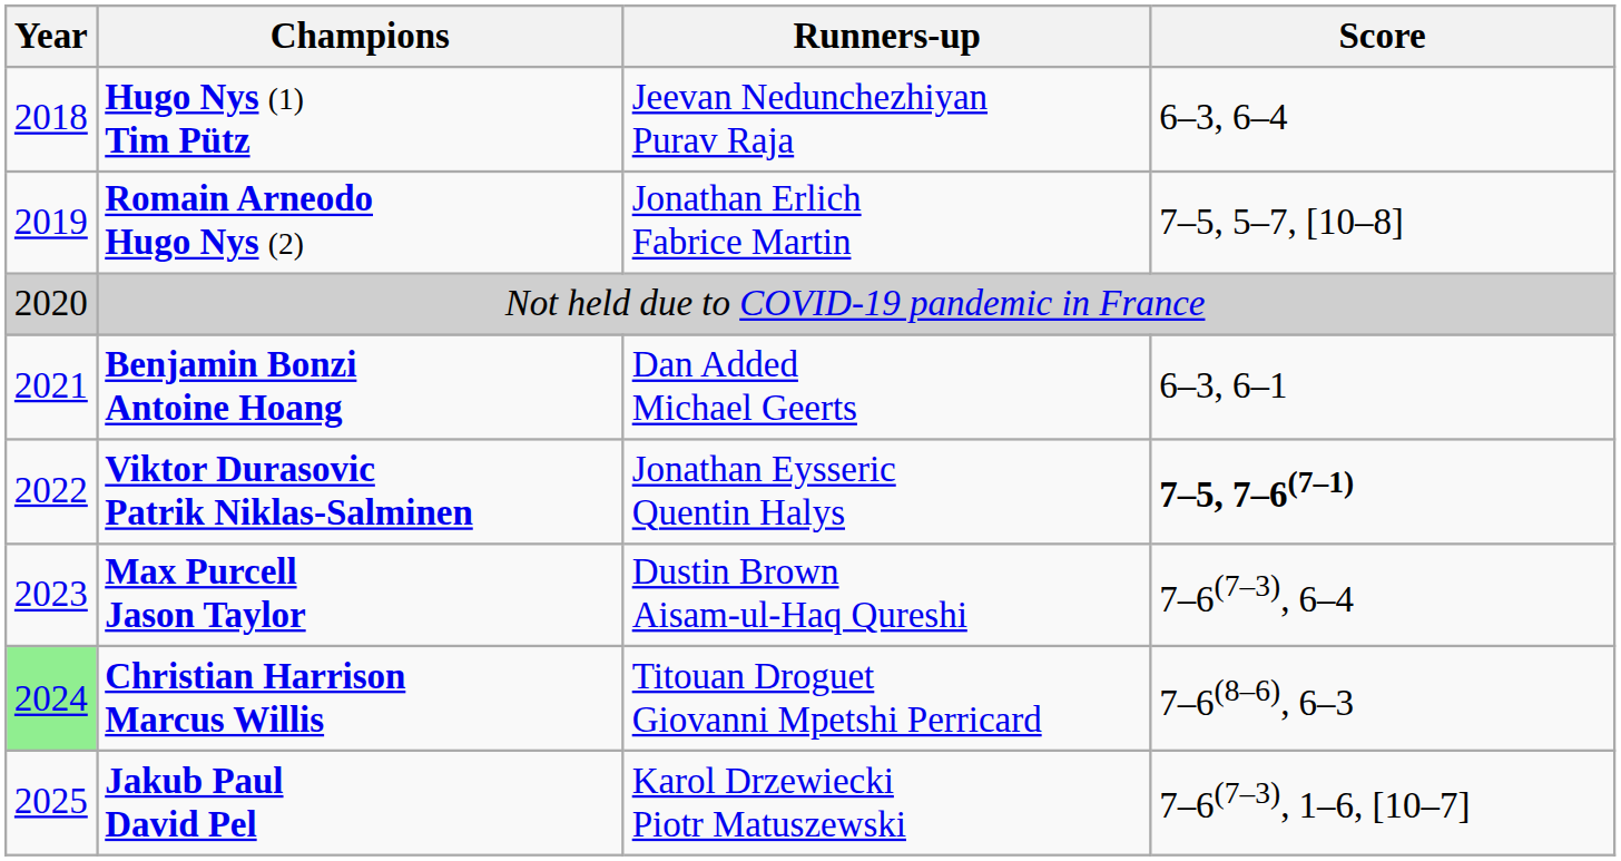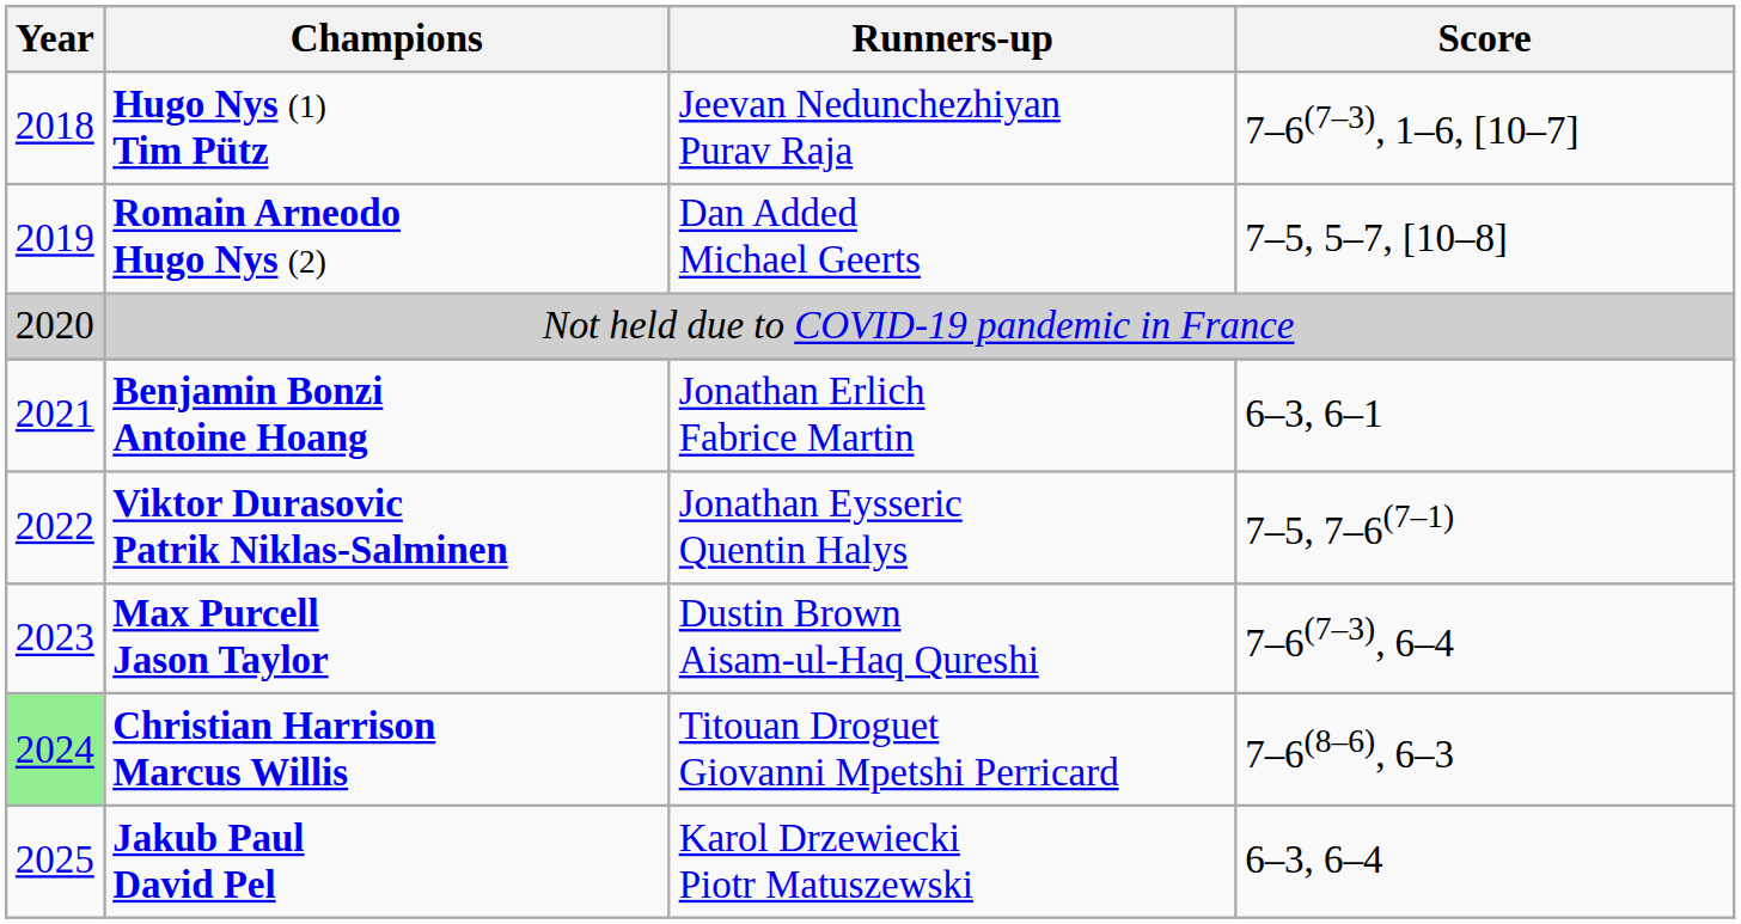 <table class="wikitable" style="font-size:90%">
 <tr>
 <th>Year</th>
 <th width="200">Champions</th>
 <th width="200">Runners-up</th>
 <th width="175">Score</th>
 </tr>
 <tr>
 <td><a href='#'>2018</a></td>
 <td> <strong><a href='#'>Hugo Nys</a></strong> <small>(1)</small><br> <strong><a href='#'>Tim Pütz</a></strong></td>
 <td> <a href='#'>Jeevan Nedunchezhiyan</a><br> <a href='#'>Purav Raja</a></td>
-<td>6–3, 6–4</td>
+<td>7–6<sup>(7–3)</sup>, 1–6, [10–7]</td>
 </tr>
 <tr>
 <td><a href='#'>2019</a></td>
 <td> <strong><a href='#'>Romain Arneodo</a></strong><br> <strong><a href='#'>Hugo Nys</a></strong> <small>(2)</small></td>
-<td> <a href='#'>Jonathan Erlich</a><br> <a href='#'>Fabrice Martin</a></td>
+<td> <a href='#'>Dan Added</a><br> <a href='#'>Michael Geerts</a></td>
 <td>7–5, 5–7, [10–8]</td>
 </tr>
 <tr>
 <td style="background:#cfcfcf">2020</td>
 <td colspan=3 align=center style="background:#cfcfcf"><em>Not held due to <a href='#'>COVID-19 pandemic in France</a></em></td>
 </tr>
 <tr>
 <td><a href='#'>2021</a></td>
 <td> <strong><a href='#'>Benjamin Bonzi</a></strong><br> <strong><a href='#'>Antoine Hoang</a></strong></td>
-<td> <a href='#'>Dan Added</a><br> <a href='#'>Michael Geerts</a></td>
+<td> <a href='#'>Jonathan Erlich</a><br> <a href='#'>Fabrice Martin</a></td>
 <td>6–3, 6–1</td>
 </tr>
 <tr>
 <td><a href='#'>2022</a></td>
 <td> <strong><a href='#'>Viktor Durasovic</a></strong><br> <strong><a href='#'>Patrik Niklas-Salminen</a></strong></td>
 <td> <a href='#'>Jonathan Eysseric</a><br> <a href='#'>Quentin Halys</a></td>
-<td><strong>7–5, 7–6<sup>(7–1)</sup></strong></td>
+<td>7–5, 7–6<sup>(7–1)</sup></td>
 </tr>
 <tr>
 <td><a href='#'>2023</a></td>
 <td> <strong><a href='#'>Max Purcell</a></strong><br> <strong><a href='#'>Jason Taylor</a></strong></td>
 <td> <a href='#'>Dustin Brown</a><br> <a href='#'>Aisam-ul-Haq Qureshi</a></td>
 <td>7–6<sup>(7–3)</sup>, 6–4</td>
 </tr>
 <tr>
 <td style="background: lightgreen;"><a href='#'>2024</a></td>
 <td> <strong><a href='#'>Christian Harrison</a></strong><br> <strong><a href='#'>Marcus Willis</a></strong></td>
 <td> <a href='#'>Titouan Droguet</a><br> <a href='#'>Giovanni Mpetshi Perricard</a></td>
 <td>7–6<sup>(8–6)</sup>, 6–3</td>
 </tr>
 <tr>
 <td><a href='#'>2025</a></td>
 <td> <strong><a href='#'>Jakub Paul</a></strong><br> <strong><a href='#'>David Pel</a></strong></td>
 <td> <a href='#'>Karol Drzewiecki</a><br> <a href='#'>Piotr Matuszewski</a></td>
-<td>7–6<sup>(7–3)</sup>, 1–6, [10–7]</td>
+<td>6–3, 6–4</td>
 </tr>
 </table>
